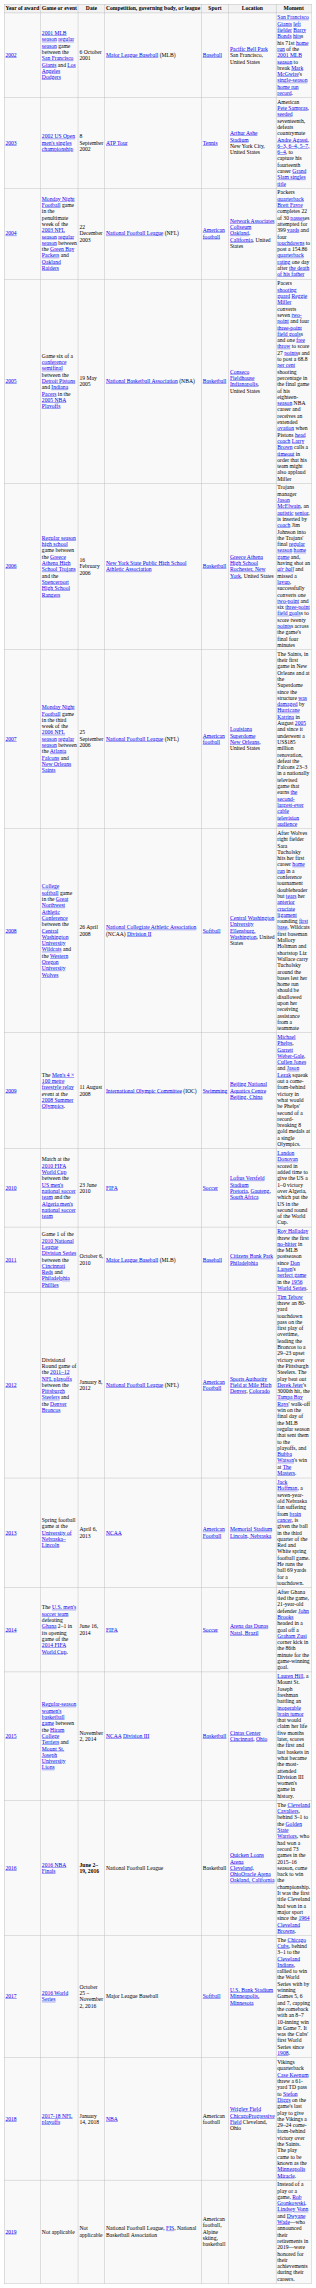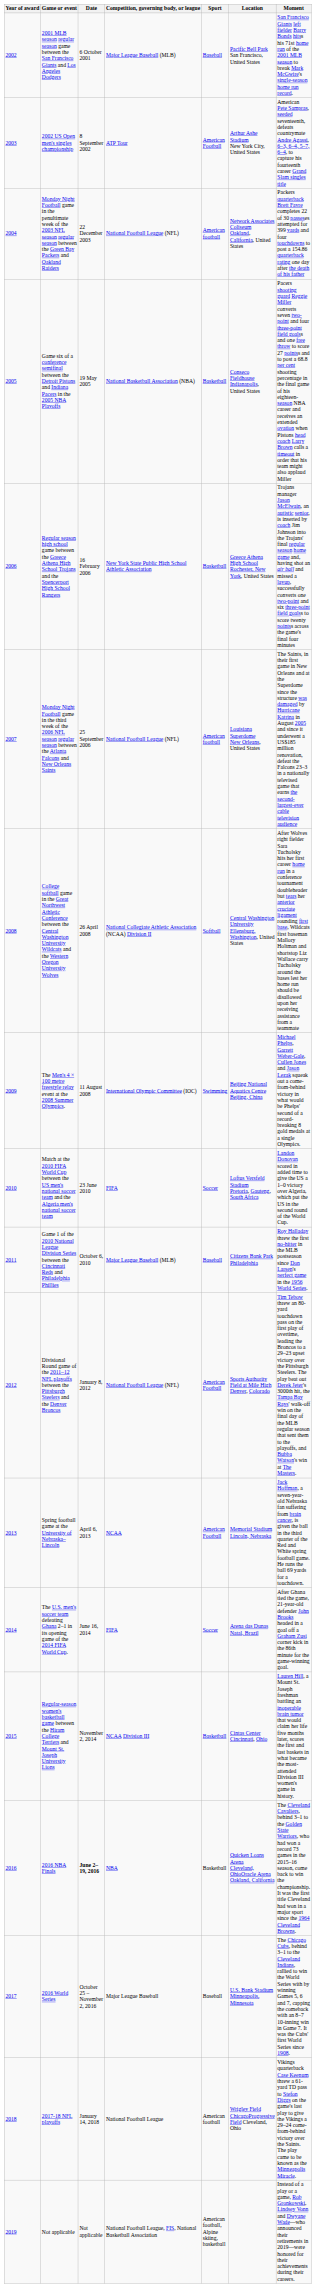 <table class="wikitable">
 <tr style="white-space: nowrap;">
 <th>Year of award</th>
 <th>Game or event</th>
 <th>Date</th>
 <th>Competition, governing body, or league</th>
 <th>Sport</th>
 <th>Location</th>
 <th>Moment</th>
 </tr>
 <tr>
 <td><a href='#'>2002</a></td>
 <td><a href='#'>2001 MLB season</a> <a href='#'>regular season</a> game between the <a href='#'>San Francisco Giants</a> and <a href='#'>Los Angeles Dodgers</a></td>
 <td>6 October 2001</td>
 <td><a href='#'>Major League Baseball</a> (MLB)</td>
 <td><a href='#'>Baseball</a></td>
 <td><a href='#'>Pacific Bell Park</a><br>San Francisco, United States</td>
 <td><a href='#'>San Francisco Giants</a> <a href='#'>left fielder</a> <a href='#'>Barry Bonds</a> <a href='#'>hits</a>s his 71st <a href='#'>home run</a> of the <a href='#'>2001 MLB season</a> to break <a href='#'>Mark McGwire</a>'s <a href='#'>single-season home run record</a>.</td>
 </tr>
 <tr>
 <td><a href='#'>2003</a></td>
 <td><a href='#'>2002 US Open</a> <a href='#'>men's singles championship</a></td>
 <td>8 September 2002</td>
 <td><a href='#'>ATP Tour</a></td>
-<td><a href='#'>Tennis</a></td>
+<td><a href='#'>American Football</a></td>
 <td><a href='#'>Arthur Ashe Stadium</a><br>New York City, United States</td>
 <td>American <a href='#'>Pete Sampras</a>, <a href='#'>seeded</a> seventeenth, defeats countrymate <a href='#'>Andre Agassi</a>, <a href='#'>6–3, 6–4, 5–7, 6–4</a>, to capture his fourteenth career <a href='#'>Grand Slam singles title</a></td>
 </tr>
 <tr>
 <td><a href='#'>2004</a></td>
 <td><a href='#'>Monday Night Football</a> game in the penultimate week of the <a href='#'>2003 NFL season</a> <a href='#'>regular season</a> between the <a href='#'>Green Bay Packers</a> and <a href='#'>Oakland Raiders</a></td>
 <td>22 December 2003</td>
 <td><a href='#'>National Football League</a> (NFL)</td>
 <td><a href='#'>American football</a></td>
 <td><a href='#'>Network Associates Coliseum</a><br><a href='#'>Oakland</a>, <a href='#'>California</a>, United States</td>
 <td>Packers <a href='#'>quarterback</a> <a href='#'>Brett Favre</a> completes 22 of 30 <a href='#'>passes</a>es attempted for 399 <a href='#'>yards</a> and four <a href='#'>touchdowns</a> to post a 154.86 <a href='#'>quarterback rating</a> one day after <a href='#'>the death of his father</a></td>
 </tr>
 <tr>
 <td><a href='#'>2005</a></td>
 <td>Game six of a <a href='#'>conference semifinal</a> between the <a href='#'>Detroit Pistons</a> and <a href='#'>Indiana Pacers</a> in the <a href='#'>2005 NBA Playoffs</a></td>
 <td>19 May 2005</td>
 <td><a href='#'>National Basketball Association</a> (NBA)</td>
 <td><a href='#'>Basketball</a></td>
 <td><a href='#'>Conseco Fieldhouse</a><br><a href='#'>Indianapolis</a>, United States</td>
 <td>Pacers <a href='#'>shooting guard</a> <a href='#'>Reggie Miller</a> converts seven <a href='#'>two-point</a> and four <a href='#'>three-point field goals</a>s and one <a href='#'>free throw</a> to score 27 <a href='#'>points</a>s and to post a 68.8 <a href='#'>per cent</a> shooting percentage in the final game of his eighteen-<a href='#'>season</a> NBA career and receives an extended <a href='#'>ovation</a> when Pistons <a href='#'>head coach</a> <a href='#'>Larry Brown</a> calls a <a href='#'>timeout</a> in order that his team might also applaud Miller</td>
 </tr>
 <tr>
 <td><a href='#'>2006</a></td>
 <td><a href='#'>Regular season</a> <a href='#'>high school</a> game between the <a href='#'>Greece Athena High School Trojans</a> and the <a href='#'>Spencerport High School Rangers</a></td>
 <td>16 February 2006</td>
 <td><a href='#'>New York State Public High School Athletic Association</a></td>
 <td><a href='#'>Basketball</a></td>
 <td><a href='#'>Greece Athena High School</a><br><a href='#'>Rochester, New York</a>, United States</td>
 <td>Trojans manager <a href='#'>Jason McElwain</a>, an <a href='#'>autistic</a> <a href='#'>senior</a>, is inserted by <a href='#'>coach</a> Jim Johnson into the Trojans' final <a href='#'>regular season</a> <a href='#'>home game</a> and, having shot an <em><a href='#'>air ball</a></em> and missed a <a href='#'>layup</a>, successfully converts one <a href='#'>two-point</a> and six <a href='#'>three-point field goals</a>s to score twenty <a href='#'>points</a>s across the game's final four minutes</td>
 </tr>
 <tr>
 <td><a href='#'>2007</a></td>
 <td><a href='#'>Monday Night Football</a> game in the third week of the <a href='#'>2006 NFL season</a> <a href='#'>regular season</a> between the <a href='#'>Atlanta Falcons</a> and <a href='#'>New Orleans Saints</a></td>
 <td>25 September 2006</td>
 <td><a href='#'>National Football League</a> (NFL)</td>
 <td><a href='#'>American football</a></td>
 <td><a href='#'>Louisiana Superdome</a><br><a href='#'>New Orleans</a>, United States</td>
 <td>The Saints, in their first game in New Orleans and at the Superdome since the structure <a href='#'>was damaged</a> by <a href='#'>Hurricane Katrina</a> in August <a href='#'>2005</a> and since it underwent a US$185 million renovation, defeat the Falcons 23–3 in a nationally televised game that earns <a href='#'>the second-largest-ever cable television audience</a></td>
 </tr>
 <tr>
 <td><a href='#'>2008</a></td>
 <td><a href='#'>College softball</a> game in the <a href='#'>Great Northwest Athletic Conference</a> between the <a href='#'>Central Washington University Wildcats</a> and the <a href='#'>Western Oregon University Wolves</a></td>
 <td>26 April 2008</td>
 <td><a href='#'>National Collegiate Athletic Association</a> (NCAA) <a href='#'>Division II</a></td>
 <td><a href='#'>Softball</a></td>
 <td><a href='#'>Central Washington University</a><br><a href='#'>Ellensburg, Washington</a>, United States</td>
 <td>After Wolves right fielder Sara Tucholsky hits her first career <a href='#'>home run</a> in a conference tournament doubleheader but <a href='#'>tears</a> her <a href='#'>anterior cruciate ligament</a> rounding <a href='#'>first base</a>, Wildcats first baseman Mallory Holtman and shortstop Liz Wallace carry Tucholsky around the bases lest her home run should be disallowed upon her receiving assistance from a teammate</td>
 </tr>
 <tr>
 <td><a href='#'>2009</a></td>
 <td>The <a href='#'>Men's 4 × 100 metre freestyle relay</a> event at the <a href='#'>2008 Summer Olympics</a>.</td>
 <td>11 August 2008</td>
 <td><a href='#'>International Olympic Committee</a> (IOC)</td>
 <td><a href='#'>Swimming</a></td>
 <td><a href='#'>Beijing National Aquatics Centre</a><br><a href='#'>Beijing, China</a></td>
 <td><a href='#'>Michael Phelps</a>, <a href='#'>Garrett Weber-Gale</a>, <a href='#'>Cullen Jones</a> and <a href='#'>Jason Lezak</a> squeak out a come-from-behind victory in what would be Phelps' second of a record-breaking 8 gold medals at a single Olympics.</td>
 </tr>
 <tr>
 <td><a href='#'>2010</a></td>
 <td>Match at the <a href='#'>2010 FIFA World Cup</a> between the <a href='#'>US men's national soccer team</a> and the <a href='#'>Algeria men's national soccer team</a></td>
 <td>23 June 2010</td>
 <td><a href='#'>FIFA</a></td>
 <td><a href='#'>Soccer</a></td>
 <td><a href='#'>Loftus Versfeld Stadium</a><br><a href='#'>Pretoria</a>, <a href='#'>Gauteng</a>, <a href='#'>South Africa</a></td>
 <td><a href='#'>Landon Donovan</a> scored in added time to give the US a 1–0 victory over Algeria, which put the US in the second round of the World Cup.</td>
 </tr>
 <tr>
 <td><a href='#'>2011</a></td>
 <td>Game 1 of the <a href='#'>2010 National League Division Series</a> between the <a href='#'>Cincinnati Reds</a> and <a href='#'>Philadelphia Phillies</a></td>
 <td>October 6, 2010</td>
 <td><a href='#'>Major League Baseball</a> (MLB)</td>
 <td><a href='#'>Baseball</a></td>
 <td><a href='#'>Citizens Bank Park</a><br><a href='#'>Philadelphia</a></td>
 <td><a href='#'>Roy Halladay</a> threw the first <a href='#'>no-hitter</a> in the MLB postseason since <a href='#'>Don Larsen</a>'s <a href='#'>perfect game</a> in the <a href='#'>1956 World Series</a>.</td>
 </tr>
 <tr>
 <td><a href='#'>2012</a></td>
 <td>Divisional Round game of the <a href='#'>2011–12 NFL playoffs</a> between the <a href='#'>Pittsburgh Steelers</a> and the <a href='#'>Denver Broncos</a></td>
 <td>January 8, 2012</td>
 <td><a href='#'>National Football League</a> (NFL)</td>
 <td><a href='#'>American Football</a></td>
 <td><a href='#'>Sports Authority Field at Mile High</a><br><a href='#'>Denver</a>, <a href='#'>Colorado</a></td>
 <td><a href='#'>Tim Tebow</a> threw an 80-yard touchdown pass on the first play of overtime, leading the Broncos to a 29–23 upset victory over the Pittsburgh Steelers. The play beat out <a href='#'>Derek Jeter</a>'s 3000th hit, the <a href='#'>Tampa Bay Rays</a>' walk-off win on the final day of the MLB regular season that sent them to the playoffs, and <a href='#'>Bubba Watson</a>'s win at <a href='#'>The Masters</a>.</td>
 </tr>
 <tr>
 <td><a href='#'>2013</a></td>
 <td>Spring football game at the <a href='#'>University of Nebraska–Lincoln</a></td>
 <td>April 6, 2013</td>
 <td><a href='#'>NCAA</a></td>
 <td><a href='#'>American Football</a></td>
 <td><a href='#'>Memorial Stadium</a><br><a href='#'>Lincoln, Nebraska</a></td>
 <td><a href='#'>Jack Hoffman</a>, a seven-year-old Nebraska fan suffering from <a href='#'>brain cancer</a>, is given the ball in the third quarter of the Red and White spring football game. He runs the ball 69 yards for a touchdown.</td>
 </tr>
 <tr>
 <td><a href='#'>2014</a></td>
 <td>The <a href='#'>U.S. men's soccer team</a> defeating <a href='#'>Ghana</a> 2–1 in its opening game of the <a href='#'>2014 FIFA World Cup</a>.</td>
 <td>June 16, 2014</td>
 <td><a href='#'>FIFA</a></td>
 <td><a href='#'>Soccer</a></td>
 <td><a href='#'>Arena das Dunas</a><br><a href='#'>Natal, Brazil</a></td>
 <td>After Ghana tied the game, 21-year-old defender <a href='#'>John Brooks</a> headed in a goal off a <a href='#'>Graham Zusi</a> corner kick in the 86th minute for the game-winning goal.</td>
 </tr>
 <tr>
 <td><a href='#'>2015</a></td>
 <td><a href='#'>Regular-season women's basketball game</a> between the <a href='#'>Hiram College Terriers</a> and <a href='#'>Mount St. Joseph University Lions</a></td>
 <td>November 2, 2014</td>
 <td><a href='#'>NCAA</a> <a href='#'>Division III</a></td>
 <td><a href='#'>Basketball</a></td>
 <td><a href='#'>Cintas Center</a><br><a href='#'>Cincinnati</a>, <a href='#'>Ohio</a></td>
 <td><a href='#'>Lauren Hill</a>, a Mount St. Joseph freshman battling an <a href='#'>inoperable brain tumor</a> that would claim her life five months later, scores the first and last baskets in what became the most-attended Division III women's game in history.</td>
 </tr>
 <tr>
 <td><a href='#'>2016</a></td>
 <td><a href='#'>2016 NBA Finals</a></td>
 <td><strong>June 2–19, 2016</strong></td>
-<td>National Football League</td>
+<td><a href='#'>NBA</a></td>
 <td>Basketball</td>
 <td><a href='#'>Quicken Loans Arena</a><br><a href='#'>Cleveland, Ohio</a><a href='#'>Oracle Arena</a> <a href='#'>Oakland, California</a></td>
 <td>The <a href='#'>Cleveland Cavaliers</a>, behind 3–1 to the <a href='#'>Golden State Warriors</a>, who had won a record 73 games in the 2015–16 season, come back to win the championship. It was the first title Cleveland had won in a major sport since the <a href='#'>1964 Cleveland Browns</a>.</td>
 </tr>
 <tr>
 <td><a href='#'>2017</a></td>
 <td><a href='#'>2016 World Series</a></td>
 <td>October 25 – November 2, 2016</td>
 <td>Major League Baseball</td>
-<td><a href='#'>Softball</a></td>
+<td>Baseball</td>
 <td><a href='#'>U.S. Bank Stadium</a><br><a href='#'>Minneapolis, Minnesota</a></td>
 <td>The <a href='#'>Chicago Cubs</a>, behind 3–1 to the <a href='#'>Cleveland Indians</a>, rallied to win the World Series with by winning Games 5, 6 and 7, capping the comeback with an 8–7 10-inning win in Game 7. It was the Cubs' first World Series since <a href='#'>1908</a>.</td>
 </tr>
 <tr>
 <td><a href='#'>2018</a></td>
 <td><a href='#'>2017-18 NFL playoffs</a></td>
 <td>January 14, 2018</td>
-<td><a href='#'>NBA</a></td>
+<td>National Football League</td>
 <td>American football</td>
 <td><a href='#'>Wrigley Field</a><br><a href='#'>Chicago</a><a href='#'>Progressive Field</a> Cleveland, Ohio</td>
 <td>Vikings quarterback <a href='#'>Case Keenum</a> threw a 61-yard TD pass to <a href='#'>Stefon Diggs</a> on the game's last play to give the Vikings a 29–24 come-from-behind victory over the Saints. The play came to be known as the <a href='#'>Minneapolis Miracle</a>.</td>
 </tr>
 <tr>
 <td><a href='#'>2019</a></td>
 <td>Not applicable</td>
 <td>Not applicable</td>
 <td>National Football League, <a href='#'>FIS</a>, National Basketball Association</td>
 <td>American football, Alpine skiing, basketball</td>
 <td></td>
 <td>Instead of a play or a game, <a href='#'>Rob Gronkowski</a>, <a href='#'>Lindsey Vonn</a> and <a href='#'>Dwyane Wade</a>—who announced their retirements in 2019—were honored for their achievements during their careers.</td>
 </tr>
 </table>
